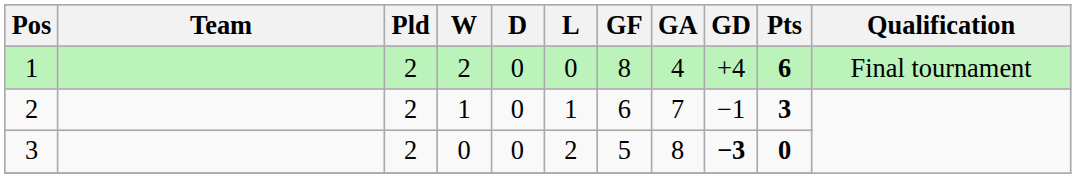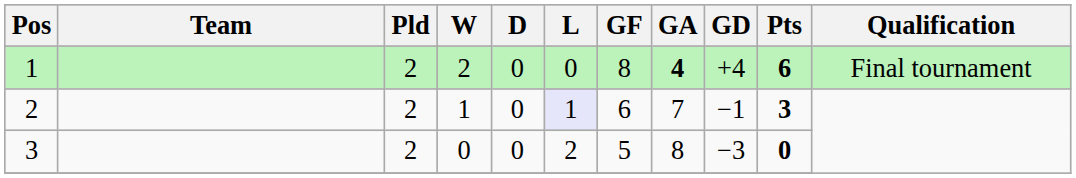 <table class="wikitable" border="1" style="text-align: center;">
 <tr>
 <th width="25"><abbr>Pos</abbr></th>
 <th width="190">Team</th>
 <th width="25"><abbr>Pld</abbr></th>
 <th width="25"><abbr>W</abbr></th>
 <th width="25"><abbr>D</abbr></th>
 <th width="25"><abbr>L</abbr></th>
 <th width="25"><abbr>GF</abbr></th>
 <th width="25"><abbr>GA</abbr></th>
 <th width="25"><abbr>GD</abbr></th>
 <th width="25"><abbr>Pts</abbr></th>
 <th width="150">Qualification</th>
 </tr>
 <tr bgcolor = #BBF3BB>
 <td>1</td>
 <td align="left"></td>
 <td>2</td>
 <td>2</td>
 <td>0</td>
 <td>0</td>
 <td>8</td>
-<td>4</td>
+<td><strong>4</strong></td>
 <td>+4</td>
 <td><strong>6</strong></td>
 <td>Final tournament</td>
 </tr>
 <tr>
 <td>2</td>
 <td align="left"></td>
 <td>2</td>
 <td>1</td>
 <td>0</td>
-<td>1</td>
+<td style="background: lavender;">1</td>
 <td>6</td>
 <td>7</td>
 <td>−1</td>
 <td><strong>3</strong></td>
 </tr>
 <tr>
 <td>3</td>
 <td align="left"></td>
 <td>2</td>
 <td>0</td>
 <td>0</td>
 <td>2</td>
 <td>5</td>
 <td>8</td>
-<td><strong>−3</strong></td>
+<td>−3</td>
 <td><strong>0</strong></td>
 </tr>
 <tr>
 </tr>
 </table>
